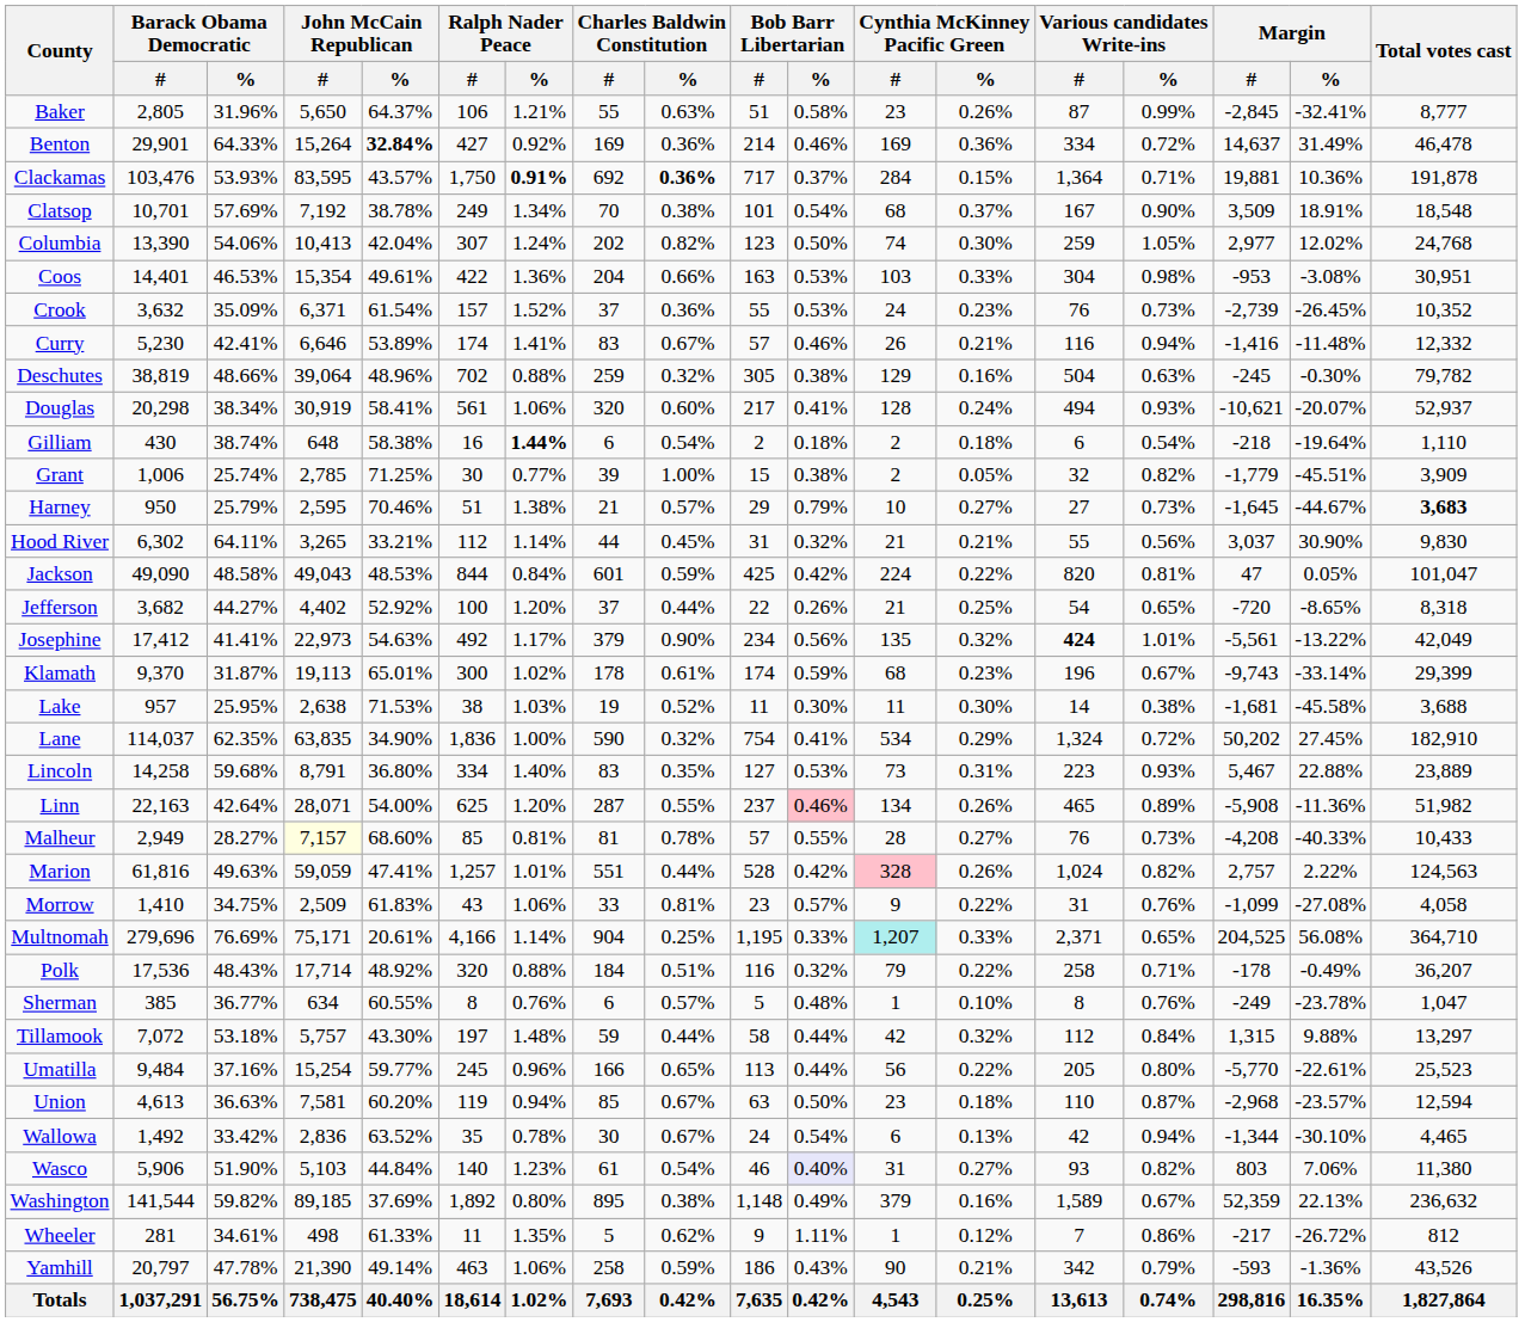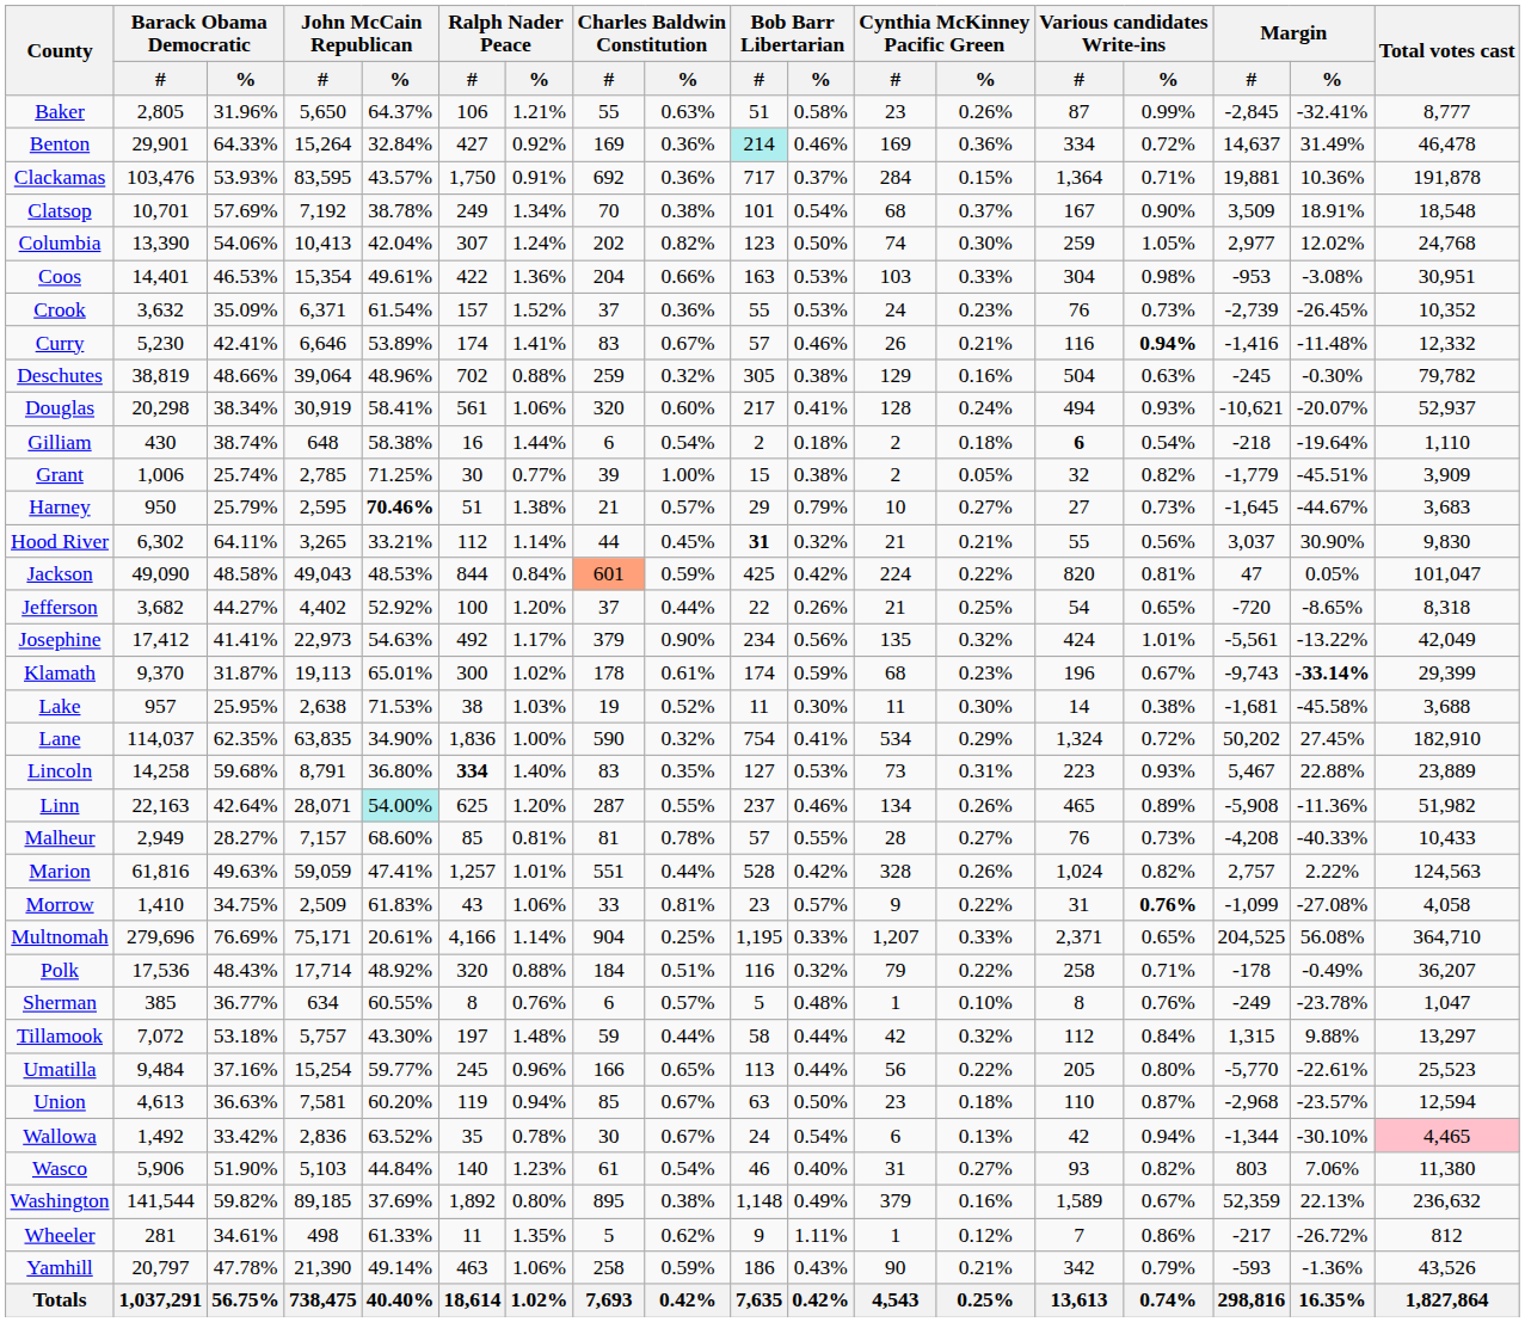 <table class="wikitable sortable" style="text-align:center">
 <tr>
 <th rowspan="2">County</th>
 <th colspan="2">Barack Obama<br>Democratic</th>
 <th colspan="2">John McCain<br>Republican</th>
 <th colspan="2">Ralph Nader<br>Peace</th>
 <th colspan="2">Charles Baldwin<br>Constitution</th>
 <th colspan="2">Bob Barr<br>Libertarian</th>
 <th colspan="2">Cynthia McKinney<br>Pacific Green</th>
 <th colspan="2">Various candidates<br>Write-ins</th>
 <th colspan="2">Margin</th>
 <th rowspan="2">Total votes cast</th>
 </tr>
 <tr>
 <th style="text-align:center;" data-sort-type="number">#</th>
 <th style="text-align:center;" data-sort-type="number">%</th>
 <th style="text-align:center;" data-sort-type="number">#</th>
 <th style="text-align:center;" data-sort-type="number">%</th>
 <th style="text-align:center;" data-sort-type="number">#</th>
 <th style="text-align:center;" data-sort-type="number">%</th>
 <th style="text-align:center;" data-sort-type="number">#</th>
 <th style="text-align:center;" data-sort-type="number">%</th>
 <th style="text-align:center;" data-sort-type="number">#</th>
 <th style="text-align:center;" data-sort-type="number">%</th>
 <th style="text-align:center;" data-sort-type="number">#</th>
 <th style="text-align:center;" data-sort-type="number">%</th>
 <th style="text-align:center;" data-sort-type="number">#</th>
 <th style="text-align:center;" data-sort-type="number">%</th>
 <th style="text-align:center;" data-sort-type="number">#</th>
 <th style="text-align:center;" data-sort-type="number">%</th>
 </tr>
 <tr style="text-align:center;">
 <td><a href='#'>Baker</a></td>
 <td>2,805</td>
 <td>31.96%</td>
 <td>5,650</td>
 <td>64.37%</td>
 <td>106</td>
 <td>1.21%</td>
 <td>55</td>
 <td>0.63%</td>
 <td>51</td>
 <td>0.58%</td>
 <td>23</td>
 <td>0.26%</td>
 <td>87</td>
 <td>0.99%</td>
 <td>-2,845</td>
 <td>-32.41%</td>
 <td>8,777</td>
 </tr>
 <tr style="text-align:center;">
 <td><a href='#'>Benton</a></td>
 <td>29,901</td>
 <td>64.33%</td>
 <td>15,264</td>
-<td><strong>32.84%</strong></td>
+<td>32.84%</td>
 <td>427</td>
 <td>0.92%</td>
 <td>169</td>
 <td>0.36%</td>
-<td>214</td>
+<td style="background: paleturquoise;">214</td>
 <td>0.46%</td>
 <td>169</td>
 <td>0.36%</td>
 <td>334</td>
 <td>0.72%</td>
 <td>14,637</td>
 <td>31.49%</td>
 <td>46,478</td>
 </tr>
 <tr style="text-align:center;">
 <td><a href='#'>Clackamas</a></td>
 <td>103,476</td>
 <td>53.93%</td>
 <td>83,595</td>
 <td>43.57%</td>
 <td>1,750</td>
-<td><strong>0.91%</strong></td>
+<td>0.91%</td>
 <td>692</td>
-<td><strong>0.36%</strong></td>
+<td>0.36%</td>
 <td>717</td>
 <td>0.37%</td>
 <td>284</td>
 <td>0.15%</td>
 <td>1,364</td>
 <td>0.71%</td>
 <td>19,881</td>
 <td>10.36%</td>
 <td>191,878</td>
 </tr>
 <tr style="text-align:center;">
 <td><a href='#'>Clatsop</a></td>
 <td>10,701</td>
 <td>57.69%</td>
 <td>7,192</td>
 <td>38.78%</td>
 <td>249</td>
 <td>1.34%</td>
 <td>70</td>
 <td>0.38%</td>
 <td>101</td>
 <td>0.54%</td>
 <td>68</td>
 <td>0.37%</td>
 <td>167</td>
 <td>0.90%</td>
 <td>3,509</td>
 <td>18.91%</td>
 <td>18,548</td>
 </tr>
 <tr style="text-align:center;">
 <td><a href='#'>Columbia</a></td>
 <td>13,390</td>
 <td>54.06%</td>
 <td>10,413</td>
 <td>42.04%</td>
 <td>307</td>
 <td>1.24%</td>
 <td>202</td>
 <td>0.82%</td>
 <td>123</td>
 <td>0.50%</td>
 <td>74</td>
 <td>0.30%</td>
 <td>259</td>
 <td>1.05%</td>
 <td>2,977</td>
 <td>12.02%</td>
 <td>24,768</td>
 </tr>
 <tr style="text-align:center;">
 <td><a href='#'>Coos</a></td>
 <td>14,401</td>
 <td>46.53%</td>
 <td>15,354</td>
 <td>49.61%</td>
 <td>422</td>
 <td>1.36%</td>
 <td>204</td>
 <td>0.66%</td>
 <td>163</td>
 <td>0.53%</td>
 <td>103</td>
 <td>0.33%</td>
 <td>304</td>
 <td>0.98%</td>
 <td>-953</td>
 <td>-3.08%</td>
 <td>30,951</td>
 </tr>
 <tr style="text-align:center;">
 <td><a href='#'>Crook</a></td>
 <td>3,632</td>
 <td>35.09%</td>
 <td>6,371</td>
 <td>61.54%</td>
 <td>157</td>
 <td>1.52%</td>
 <td>37</td>
 <td>0.36%</td>
 <td>55</td>
 <td>0.53%</td>
 <td>24</td>
 <td>0.23%</td>
 <td>76</td>
 <td>0.73%</td>
 <td>-2,739</td>
 <td>-26.45%</td>
 <td>10,352</td>
 </tr>
 <tr style="text-align:center;">
 <td><a href='#'>Curry</a></td>
 <td>5,230</td>
 <td>42.41%</td>
 <td>6,646</td>
 <td>53.89%</td>
 <td>174</td>
 <td>1.41%</td>
 <td>83</td>
 <td>0.67%</td>
 <td>57</td>
 <td>0.46%</td>
 <td>26</td>
 <td>0.21%</td>
 <td>116</td>
-<td>0.94%</td>
+<td><strong>0.94%</strong></td>
 <td>-1,416</td>
 <td>-11.48%</td>
 <td>12,332</td>
 </tr>
 <tr style="text-align:center;">
 <td><a href='#'>Deschutes</a></td>
 <td>38,819</td>
 <td>48.66%</td>
 <td>39,064</td>
 <td>48.96%</td>
 <td>702</td>
 <td>0.88%</td>
 <td>259</td>
 <td>0.32%</td>
 <td>305</td>
 <td>0.38%</td>
 <td>129</td>
 <td>0.16%</td>
 <td>504</td>
 <td>0.63%</td>
 <td>-245</td>
 <td>-0.30%</td>
 <td>79,782</td>
 </tr>
 <tr style="text-align:center;">
 <td><a href='#'>Douglas</a></td>
 <td>20,298</td>
 <td>38.34%</td>
 <td>30,919</td>
 <td>58.41%</td>
 <td>561</td>
 <td>1.06%</td>
 <td>320</td>
 <td>0.60%</td>
 <td>217</td>
 <td>0.41%</td>
 <td>128</td>
 <td>0.24%</td>
 <td>494</td>
 <td>0.93%</td>
 <td>-10,621</td>
 <td>-20.07%</td>
 <td>52,937</td>
 </tr>
 <tr style="text-align:center;">
 <td><a href='#'>Gilliam</a></td>
 <td>430</td>
 <td>38.74%</td>
 <td>648</td>
 <td>58.38%</td>
 <td>16</td>
-<td><strong>1.44%</strong></td>
+<td>1.44%</td>
 <td>6</td>
 <td>0.54%</td>
 <td>2</td>
 <td>0.18%</td>
 <td>2</td>
 <td>0.18%</td>
-<td>6</td>
+<td><strong>6</strong></td>
 <td>0.54%</td>
 <td>-218</td>
 <td>-19.64%</td>
 <td>1,110</td>
 </tr>
 <tr style="text-align:center;">
 <td><a href='#'>Grant</a></td>
 <td>1,006</td>
 <td>25.74%</td>
 <td>2,785</td>
 <td>71.25%</td>
 <td>30</td>
 <td>0.77%</td>
 <td>39</td>
 <td>1.00%</td>
 <td>15</td>
 <td>0.38%</td>
 <td>2</td>
 <td>0.05%</td>
 <td>32</td>
 <td>0.82%</td>
 <td>-1,779</td>
 <td>-45.51%</td>
 <td>3,909</td>
 </tr>
 <tr style="text-align:center;">
 <td><a href='#'>Harney</a></td>
 <td>950</td>
 <td>25.79%</td>
 <td>2,595</td>
-<td>70.46%</td>
+<td><strong>70.46%</strong></td>
 <td>51</td>
 <td>1.38%</td>
 <td>21</td>
 <td>0.57%</td>
 <td>29</td>
 <td>0.79%</td>
 <td>10</td>
 <td>0.27%</td>
 <td>27</td>
 <td>0.73%</td>
 <td>-1,645</td>
 <td>-44.67%</td>
-<td><strong>3,683</strong></td>
+<td>3,683</td>
 </tr>
 <tr style="text-align:center;">
 <td><a href='#'>Hood River</a></td>
 <td>6,302</td>
 <td>64.11%</td>
 <td>3,265</td>
 <td>33.21%</td>
 <td>112</td>
 <td>1.14%</td>
 <td>44</td>
 <td>0.45%</td>
-<td>31</td>
+<td><strong>31</strong></td>
 <td>0.32%</td>
 <td>21</td>
 <td>0.21%</td>
 <td>55</td>
 <td>0.56%</td>
 <td>3,037</td>
 <td>30.90%</td>
 <td>9,830</td>
 </tr>
 <tr style="text-align:center;">
 <td><a href='#'>Jackson</a></td>
 <td>49,090</td>
 <td>48.58%</td>
 <td>49,043</td>
 <td>48.53%</td>
 <td>844</td>
 <td>0.84%</td>
-<td>601</td>
+<td style="background: lightsalmon;">601</td>
 <td>0.59%</td>
 <td>425</td>
 <td>0.42%</td>
 <td>224</td>
 <td>0.22%</td>
 <td>820</td>
 <td>0.81%</td>
 <td>47</td>
 <td>0.05%</td>
 <td>101,047</td>
 </tr>
 <tr style="text-align:center;">
 <td><a href='#'>Jefferson</a></td>
 <td>3,682</td>
 <td>44.27%</td>
 <td>4,402</td>
 <td>52.92%</td>
 <td>100</td>
 <td>1.20%</td>
 <td>37</td>
 <td>0.44%</td>
 <td>22</td>
 <td>0.26%</td>
 <td>21</td>
 <td>0.25%</td>
 <td>54</td>
 <td>0.65%</td>
 <td>-720</td>
 <td>-8.65%</td>
 <td>8,318</td>
 </tr>
 <tr style="text-align:center;">
 <td><a href='#'>Josephine</a></td>
 <td>17,412</td>
 <td>41.41%</td>
 <td>22,973</td>
 <td>54.63%</td>
 <td>492</td>
 <td>1.17%</td>
 <td>379</td>
 <td>0.90%</td>
 <td>234</td>
 <td>0.56%</td>
 <td>135</td>
 <td>0.32%</td>
-<td><strong>424</strong></td>
+<td>424</td>
 <td>1.01%</td>
 <td>-5,561</td>
 <td>-13.22%</td>
 <td>42,049</td>
 </tr>
 <tr style="text-align:center;">
 <td><a href='#'>Klamath</a></td>
 <td>9,370</td>
 <td>31.87%</td>
 <td>19,113</td>
 <td>65.01%</td>
 <td>300</td>
 <td>1.02%</td>
 <td>178</td>
 <td>0.61%</td>
 <td>174</td>
 <td>0.59%</td>
 <td>68</td>
 <td>0.23%</td>
 <td>196</td>
 <td>0.67%</td>
 <td>-9,743</td>
-<td>-33.14%</td>
+<td><strong>-33.14%</strong></td>
 <td>29,399</td>
 </tr>
 <tr style="text-align:center;">
 <td><a href='#'>Lake</a></td>
 <td>957</td>
 <td>25.95%</td>
 <td>2,638</td>
 <td>71.53%</td>
 <td>38</td>
 <td>1.03%</td>
 <td>19</td>
 <td>0.52%</td>
 <td>11</td>
 <td>0.30%</td>
 <td>11</td>
 <td>0.30%</td>
 <td>14</td>
 <td>0.38%</td>
 <td>-1,681</td>
 <td>-45.58%</td>
 <td>3,688</td>
 </tr>
 <tr style="text-align:center;">
 <td><a href='#'>Lane</a></td>
 <td>114,037</td>
 <td>62.35%</td>
 <td>63,835</td>
 <td>34.90%</td>
 <td>1,836</td>
 <td>1.00%</td>
 <td>590</td>
 <td>0.32%</td>
 <td>754</td>
 <td>0.41%</td>
 <td>534</td>
 <td>0.29%</td>
 <td>1,324</td>
 <td>0.72%</td>
 <td>50,202</td>
 <td>27.45%</td>
 <td>182,910</td>
 </tr>
 <tr style="text-align:center;">
 <td><a href='#'>Lincoln</a></td>
 <td>14,258</td>
 <td>59.68%</td>
 <td>8,791</td>
 <td>36.80%</td>
-<td>334</td>
+<td><strong>334</strong></td>
 <td>1.40%</td>
 <td>83</td>
 <td>0.35%</td>
 <td>127</td>
 <td>0.53%</td>
 <td>73</td>
 <td>0.31%</td>
 <td>223</td>
 <td>0.93%</td>
 <td>5,467</td>
 <td>22.88%</td>
 <td>23,889</td>
 </tr>
 <tr style="text-align:center;">
 <td><a href='#'>Linn</a></td>
 <td>22,163</td>
 <td>42.64%</td>
 <td>28,071</td>
-<td>54.00%</td>
+<td style="background: paleturquoise;">54.00%</td>
 <td>625</td>
 <td>1.20%</td>
 <td>287</td>
 <td>0.55%</td>
 <td>237</td>
-<td style="background: pink;">0.46%</td>
+<td>0.46%</td>
 <td>134</td>
 <td>0.26%</td>
 <td>465</td>
 <td>0.89%</td>
 <td>-5,908</td>
 <td>-11.36%</td>
 <td>51,982</td>
 </tr>
 <tr style="text-align:center;">
 <td><a href='#'>Malheur</a></td>
 <td>2,949</td>
 <td>28.27%</td>
-<td style="background: lightyellow;">7,157</td>
+<td>7,157</td>
 <td>68.60%</td>
 <td>85</td>
 <td>0.81%</td>
 <td>81</td>
 <td>0.78%</td>
 <td>57</td>
 <td>0.55%</td>
 <td>28</td>
 <td>0.27%</td>
 <td>76</td>
 <td>0.73%</td>
 <td>-4,208</td>
 <td>-40.33%</td>
 <td>10,433</td>
 </tr>
 <tr style="text-align:center;">
 <td><a href='#'>Marion</a></td>
 <td>61,816</td>
 <td>49.63%</td>
 <td>59,059</td>
 <td>47.41%</td>
 <td>1,257</td>
 <td>1.01%</td>
 <td>551</td>
 <td>0.44%</td>
 <td>528</td>
 <td>0.42%</td>
-<td style="background: pink;">328</td>
+<td>328</td>
 <td>0.26%</td>
 <td>1,024</td>
 <td>0.82%</td>
 <td>2,757</td>
 <td>2.22%</td>
 <td>124,563</td>
 </tr>
 <tr style="text-align:center;">
 <td><a href='#'>Morrow</a></td>
 <td>1,410</td>
 <td>34.75%</td>
 <td>2,509</td>
 <td>61.83%</td>
 <td>43</td>
 <td>1.06%</td>
 <td>33</td>
 <td>0.81%</td>
 <td>23</td>
 <td>0.57%</td>
 <td>9</td>
 <td>0.22%</td>
 <td>31</td>
-<td>0.76%</td>
+<td><strong>0.76%</strong></td>
 <td>-1,099</td>
 <td>-27.08%</td>
 <td>4,058</td>
 </tr>
 <tr style="text-align:center;">
 <td><a href='#'>Multnomah</a></td>
 <td>279,696</td>
 <td>76.69%</td>
 <td>75,171</td>
 <td>20.61%</td>
 <td>4,166</td>
 <td>1.14%</td>
 <td>904</td>
 <td>0.25%</td>
 <td>1,195</td>
 <td>0.33%</td>
-<td style="background: paleturquoise;">1,207</td>
+<td>1,207</td>
 <td>0.33%</td>
 <td>2,371</td>
 <td>0.65%</td>
 <td>204,525</td>
 <td>56.08%</td>
 <td>364,710</td>
 </tr>
 <tr style="text-align:center;">
 <td><a href='#'>Polk</a></td>
 <td>17,536</td>
 <td>48.43%</td>
 <td>17,714</td>
 <td>48.92%</td>
 <td>320</td>
 <td>0.88%</td>
 <td>184</td>
 <td>0.51%</td>
 <td>116</td>
 <td>0.32%</td>
 <td>79</td>
 <td>0.22%</td>
 <td>258</td>
 <td>0.71%</td>
 <td>-178</td>
 <td>-0.49%</td>
 <td>36,207</td>
 </tr>
 <tr style="text-align:center;">
 <td><a href='#'>Sherman</a></td>
 <td>385</td>
 <td>36.77%</td>
 <td>634</td>
 <td>60.55%</td>
 <td>8</td>
 <td>0.76%</td>
 <td>6</td>
 <td>0.57%</td>
 <td>5</td>
 <td>0.48%</td>
 <td>1</td>
 <td>0.10%</td>
 <td>8</td>
 <td>0.76%</td>
 <td>-249</td>
 <td>-23.78%</td>
 <td>1,047</td>
 </tr>
 <tr style="text-align:center;">
 <td><a href='#'>Tillamook</a></td>
 <td>7,072</td>
 <td>53.18%</td>
 <td>5,757</td>
 <td>43.30%</td>
 <td>197</td>
 <td>1.48%</td>
 <td>59</td>
 <td>0.44%</td>
 <td>58</td>
 <td>0.44%</td>
 <td>42</td>
 <td>0.32%</td>
 <td>112</td>
 <td>0.84%</td>
 <td>1,315</td>
 <td>9.88%</td>
 <td>13,297</td>
 </tr>
 <tr style="text-align:center;">
 <td><a href='#'>Umatilla</a></td>
 <td>9,484</td>
 <td>37.16%</td>
 <td>15,254</td>
 <td>59.77%</td>
 <td>245</td>
 <td>0.96%</td>
 <td>166</td>
 <td>0.65%</td>
 <td>113</td>
 <td>0.44%</td>
 <td>56</td>
 <td>0.22%</td>
 <td>205</td>
 <td>0.80%</td>
 <td>-5,770</td>
 <td>-22.61%</td>
 <td>25,523</td>
 </tr>
 <tr style="text-align:center;">
 <td><a href='#'>Union</a></td>
 <td>4,613</td>
 <td>36.63%</td>
 <td>7,581</td>
 <td>60.20%</td>
 <td>119</td>
 <td>0.94%</td>
 <td>85</td>
 <td>0.67%</td>
 <td>63</td>
 <td>0.50%</td>
 <td>23</td>
 <td>0.18%</td>
 <td>110</td>
 <td>0.87%</td>
 <td>-2,968</td>
 <td>-23.57%</td>
 <td>12,594</td>
 </tr>
 <tr style="text-align:center;">
 <td><a href='#'>Wallowa</a></td>
 <td>1,492</td>
 <td>33.42%</td>
 <td>2,836</td>
 <td>63.52%</td>
 <td>35</td>
 <td>0.78%</td>
 <td>30</td>
 <td>0.67%</td>
 <td>24</td>
 <td>0.54%</td>
 <td>6</td>
 <td>0.13%</td>
 <td>42</td>
 <td>0.94%</td>
 <td>-1,344</td>
 <td>-30.10%</td>
-<td>4,465</td>
+<td style="background: pink;">4,465</td>
 </tr>
 <tr style="text-align:center;">
 <td><a href='#'>Wasco</a></td>
 <td>5,906</td>
 <td>51.90%</td>
 <td>5,103</td>
 <td>44.84%</td>
 <td>140</td>
 <td>1.23%</td>
 <td>61</td>
 <td>0.54%</td>
 <td>46</td>
-<td style="background: lavender;">0.40%</td>
+<td>0.40%</td>
 <td>31</td>
 <td>0.27%</td>
 <td>93</td>
 <td>0.82%</td>
 <td>803</td>
 <td>7.06%</td>
 <td>11,380</td>
 </tr>
 <tr style="text-align:center;">
 <td><a href='#'>Washington</a></td>
 <td>141,544</td>
 <td>59.82%</td>
 <td>89,185</td>
 <td>37.69%</td>
 <td>1,892</td>
 <td>0.80%</td>
 <td>895</td>
 <td>0.38%</td>
 <td>1,148</td>
 <td>0.49%</td>
 <td>379</td>
 <td>0.16%</td>
 <td>1,589</td>
 <td>0.67%</td>
 <td>52,359</td>
 <td>22.13%</td>
 <td>236,632</td>
 </tr>
 <tr style="text-align:center;">
 <td><a href='#'>Wheeler</a></td>
 <td>281</td>
 <td>34.61%</td>
 <td>498</td>
 <td>61.33%</td>
 <td>11</td>
 <td>1.35%</td>
 <td>5</td>
 <td>0.62%</td>
 <td>9</td>
 <td>1.11%</td>
 <td>1</td>
 <td>0.12%</td>
 <td>7</td>
 <td>0.86%</td>
 <td>-217</td>
 <td>-26.72%</td>
 <td>812</td>
 </tr>
 <tr style="text-align:center;">
 <td><a href='#'>Yamhill</a></td>
 <td>20,797</td>
 <td>47.78%</td>
 <td>21,390</td>
 <td>49.14%</td>
 <td>463</td>
 <td>1.06%</td>
 <td>258</td>
 <td>0.59%</td>
 <td>186</td>
 <td>0.43%</td>
 <td>90</td>
 <td>0.21%</td>
 <td>342</td>
 <td>0.79%</td>
 <td>-593</td>
 <td>-1.36%</td>
 <td>43,526</td>
 </tr>
 <tr style="text-align:center;">
 <th>Totals</th>
 <th>1,037,291</th>
 <th>56.75%</th>
 <th>738,475</th>
 <th>40.40%</th>
 <th>18,614</th>
 <th>1.02%</th>
 <th>7,693</th>
 <th>0.42%</th>
 <th>7,635</th>
 <th>0.42%</th>
 <th>4,543</th>
 <th>0.25%</th>
 <th>13,613</th>
 <th>0.74%</th>
 <th>298,816</th>
 <th>16.35%</th>
 <th>1,827,864</th>
 </tr>
 </table>
